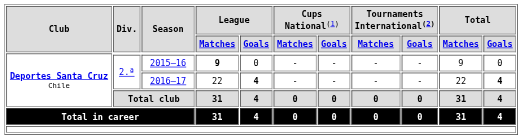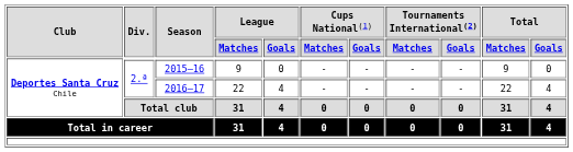 <table style="text-align: center;" border=1 align=center cellpadding=4 cellspacing=2 style="background: #F9F9F9; font-size: 95%; border: 1px #aaaaaa solid; border-collapse: collapse; clear:center">
 <tr style="background:#DDDDDD">
 <th rowspan="2" width=150px>Club</th>
 <th rowspan="2" width=30px>Div.</th>
 <th rowspan="2" width=70px>Season</th>
 <th colspan="2">League</th>
 <td colspan="2" align=center><strong>Cups<br>National</strong><sup>(<a href='#'>1</a>)</sup></td>
 <th colspan="2" align=center><strong>Tournaments<br>International</strong><sup>(<a href='#'>2</a>)</sup></th>
 <th colspan="2">Total</th>
 </tr>
 <tr style="background:#DDDDDD">
 <th align=center><a href='#'>Matches</a></th>
 <th align=center><a href='#'>Goals</a></th>
 <th align=center><a href='#'>Matches</a></th>
 <th align=center><a href='#'>Goals</a></th>
 <th align=center><a href='#'>Matches</a></th>
 <th align=center><a href='#'>Goals</a></th>
 <th align=center><a href='#'>Matches</a></th>
 <th align=center><a href='#'>Goals</a></th>
 </tr>
 <tr style="text-align: center;">
 <td rowspan="4" align=center valign="center"><strong><a href='#'>Deportes Santa Cruz</a></strong><br><small>Chile</small></td>
 </tr>
 <tr style="text-align: center;">
 <td rowspan="2" align=center valign="center"><a href='#'>2.ª</a></td>
 <td><a href='#'>2015–16</a></td>
-<td><strong>9</strong></td>
+<td>9</td>
 <td>0</td>
 <td>-</td>
 <td>-</td>
 <td>-</td>
 <td>-</td>
 <td>9</td>
 <td>0</td>
 </tr>
 <tr style="text-align: center;">
 <td><a href='#'>2016–17</a></td>
 <td>22</td>
-<td><strong>4</strong></td>
+<td>4</td>
 <td>-</td>
 <td>-</td>
 <td>-</td>
 <td>-</td>
 <td>22</td>
-<td><strong>4</strong></td>
+<td>4</td>
 </tr>
 <tr style="background:#DDDDDD">
 <th colspan=2>Total club</th>
 <th>31</th>
 <th>4</th>
 <th>0</th>
 <th>0</th>
 <th>0</th>
 <th>0</th>
 <th>31</th>
 <th>4</th>
 </tr>
 <tr align=center bgcolor=000000 style="color: white;">
 <th colspan="3">Total in career</th>
 <th>31</th>
 <th>4</th>
 <th>0</th>
 <th>0</th>
 <th>0</th>
 <th>0</th>
 <th>31</th>
 <th>4</th>
 </tr>
 <tr>
 <td colspan="15"></td>
 </tr>
 </table>
